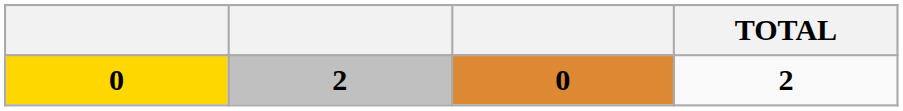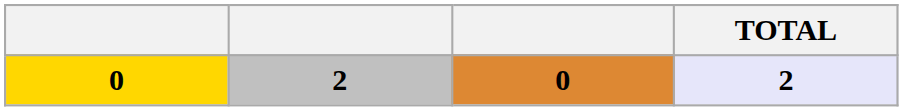 <table class="wikitable" style="font-size:90%">
 <tr>
 <th style="width:100px;"></th>
 <th style="width:100px;"></th>
 <th style="width:100px;"></th>
 <th style="width:100px;">TOTAL</th>
 </tr>
 <tr>
 <td style="text-align:center; background:gold;"><strong>0</strong></td>
 <td style="text-align:center; background:silver;"><strong>2</strong></td>
 <td style="text-align:center; background:#d83;"><strong>0</strong></td>
-<td style="text-align:center;"><strong>2</strong></td>
+<td style="background: lavender; text-align:center;"><strong>2</strong></td>
 </tr>
 </table>
